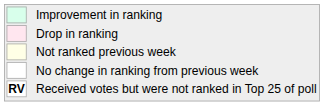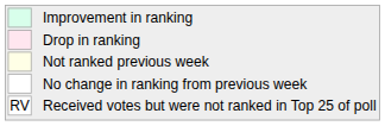 <table style="font-size:90%; border:1px solid #aaa; white-space:nowrap; background:#eee;">
 <tr>
 <td style="background:#d8ffeb; width:20px; border:1px solid #aaa;"> </td>
 <td rowspan=5> </td>
 <td>Improvement in ranking</td>
 </tr>
 <tr>
 <td style="background:#ffe6ef; width:20px; border:1px solid #aaa;"> </td>
 <td>Drop in ranking</td>
 </tr>
 <tr>
 <td style="background:#ffffe6; width:20px; border:1px solid #aaa;"> </td>
 <td>Not ranked previous week</td>
 </tr>
 <tr>
 <td style="background:#fff; width:20px; border:1px solid #aaa;"> </td>
 <td>No change in ranking from previous week</td>
 </tr>
 <tr>
-<td style="text-align:center; width:20px; border:1px solid #aaa; background:white;"><strong>RV</strong></td>
+<td style="text-align:center; width:20px; border:1px solid #aaa; background:white;">RV</td>
 <td>Received votes but were not ranked in Top 25 of poll</td>
 </tr>
 <tr>
 </tr>
 </table>
